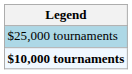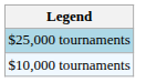 <table class="wikitable" style="font-size:85%">
 <tr>
 <th>Legend</th>
 </tr>
 <tr bgcolor="lightblue">
 <td>$25,000 tournaments</td>
 </tr>
 <tr bgcolor="#f0f8ff">
-<td><strong>$10,000 tournaments</strong></td>
+<td>$10,000 tournaments</td>
 </tr>
 </table>
